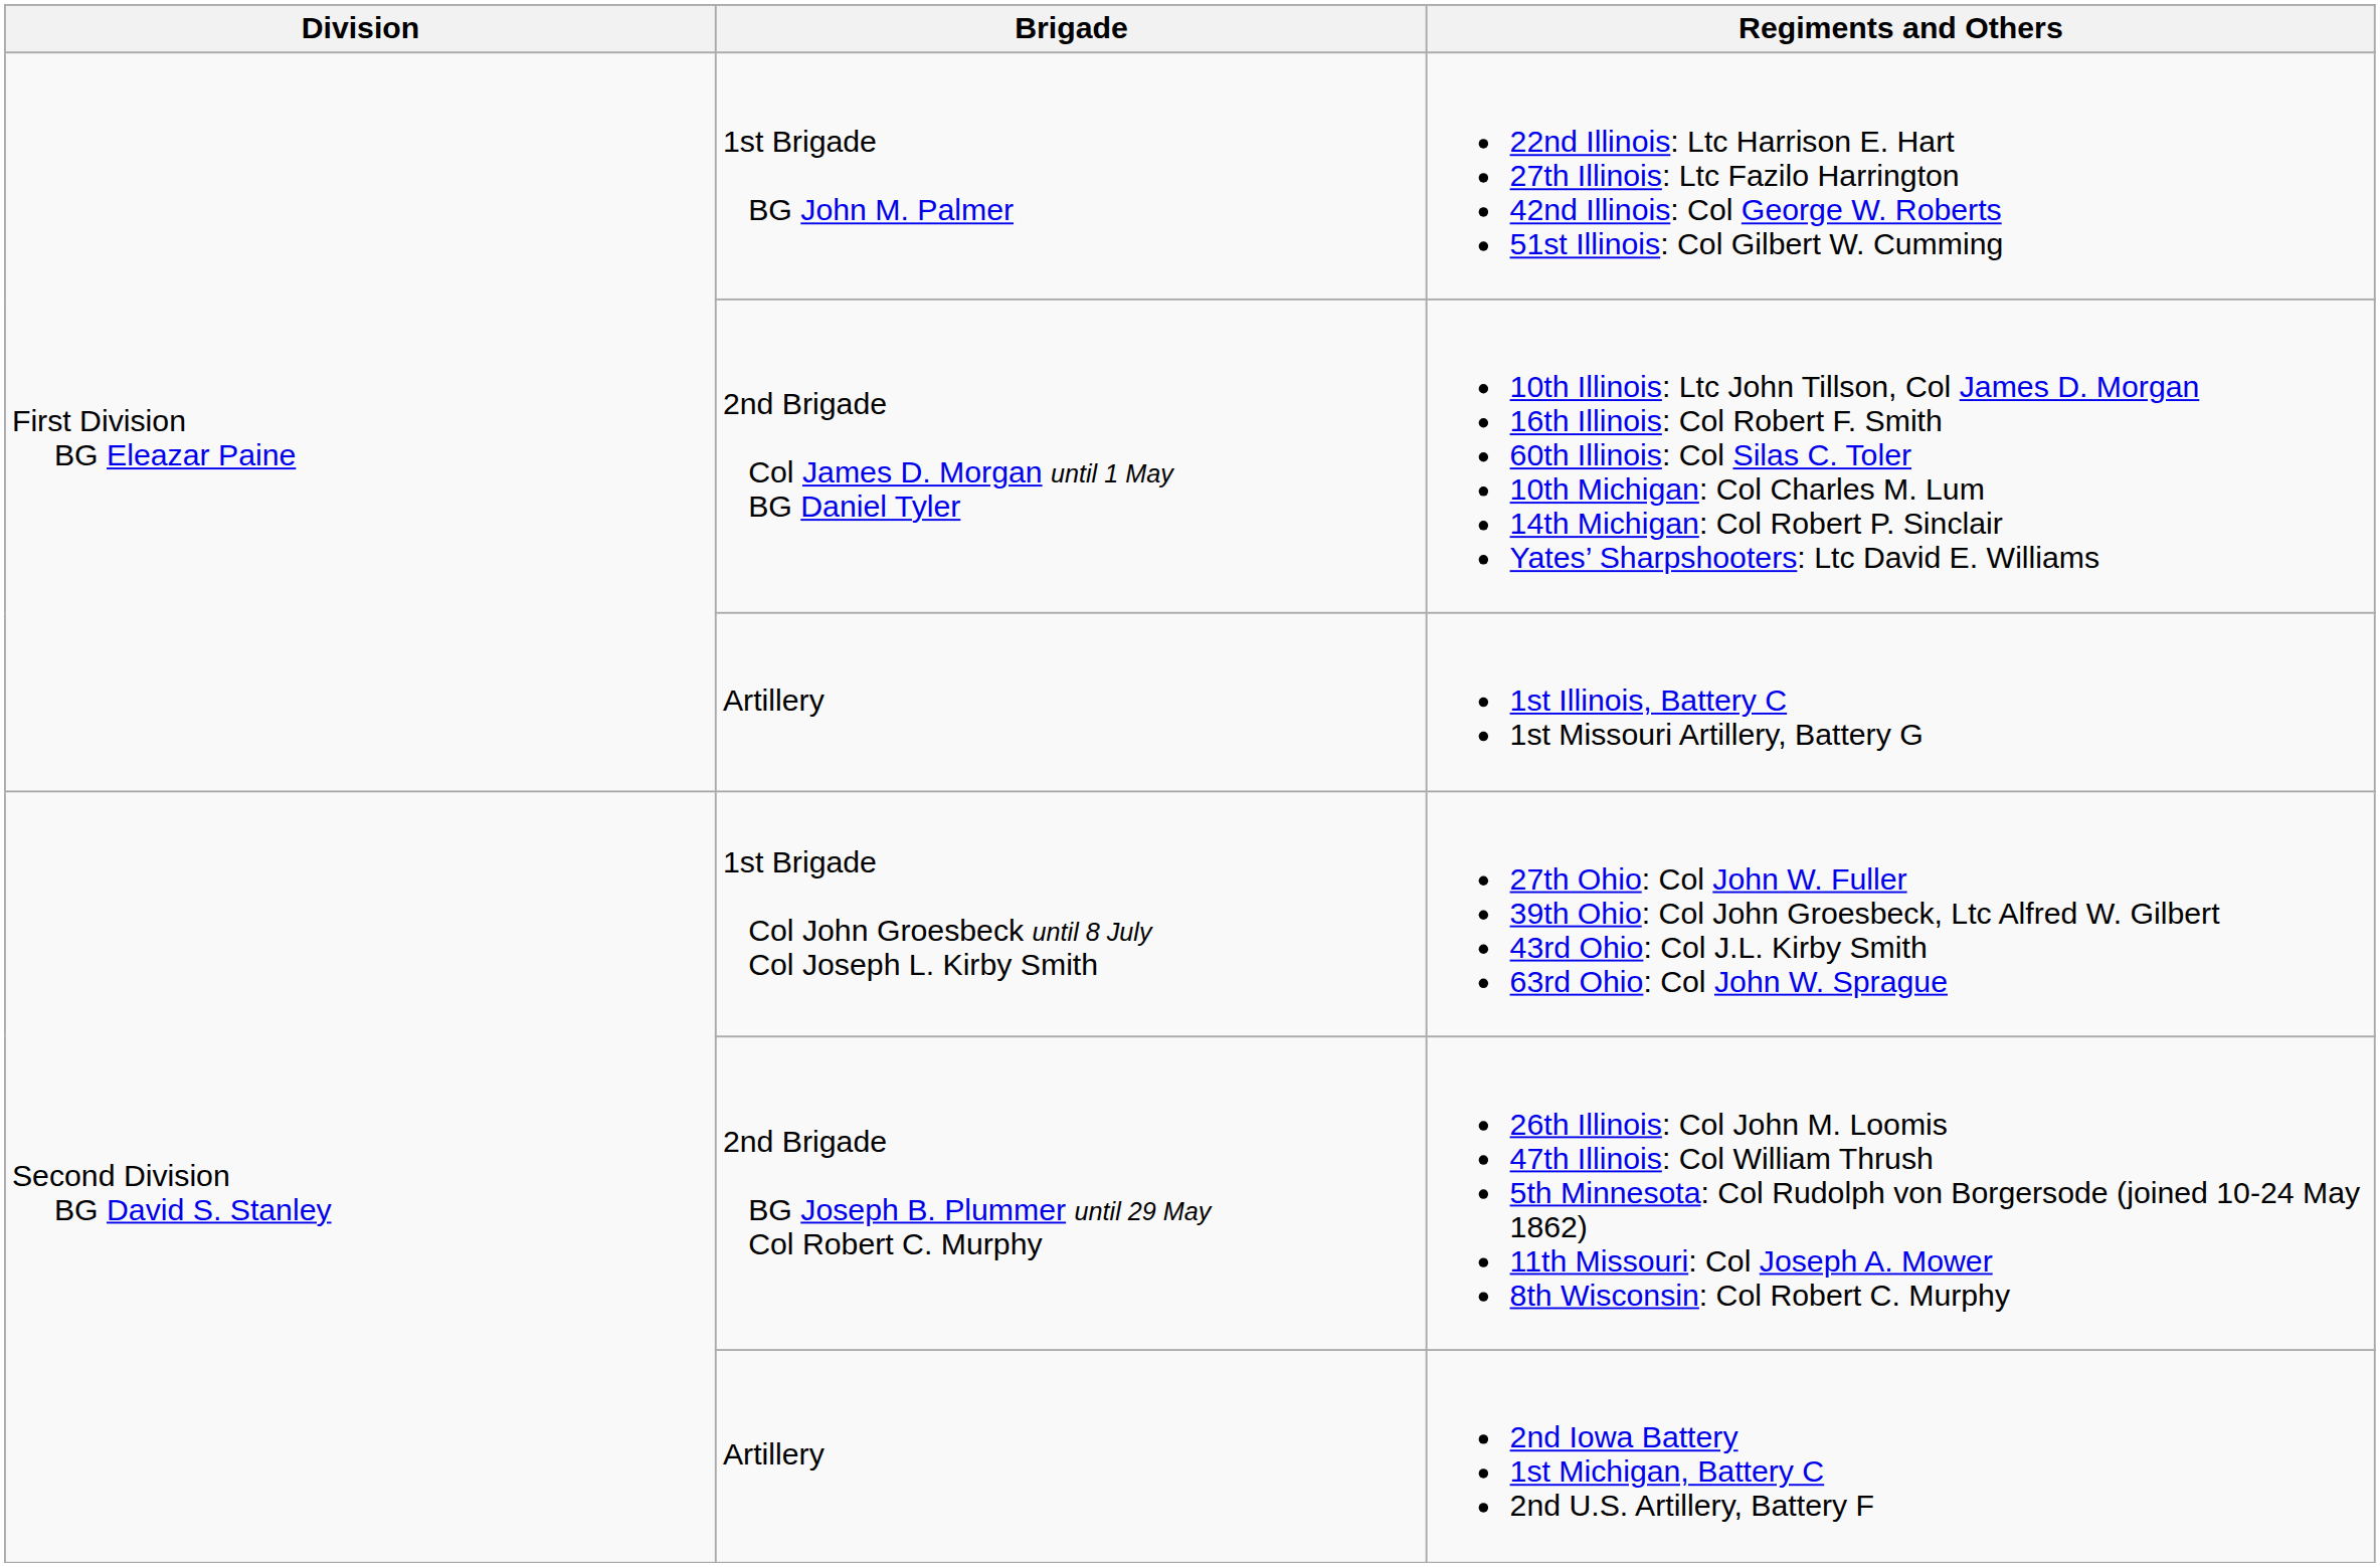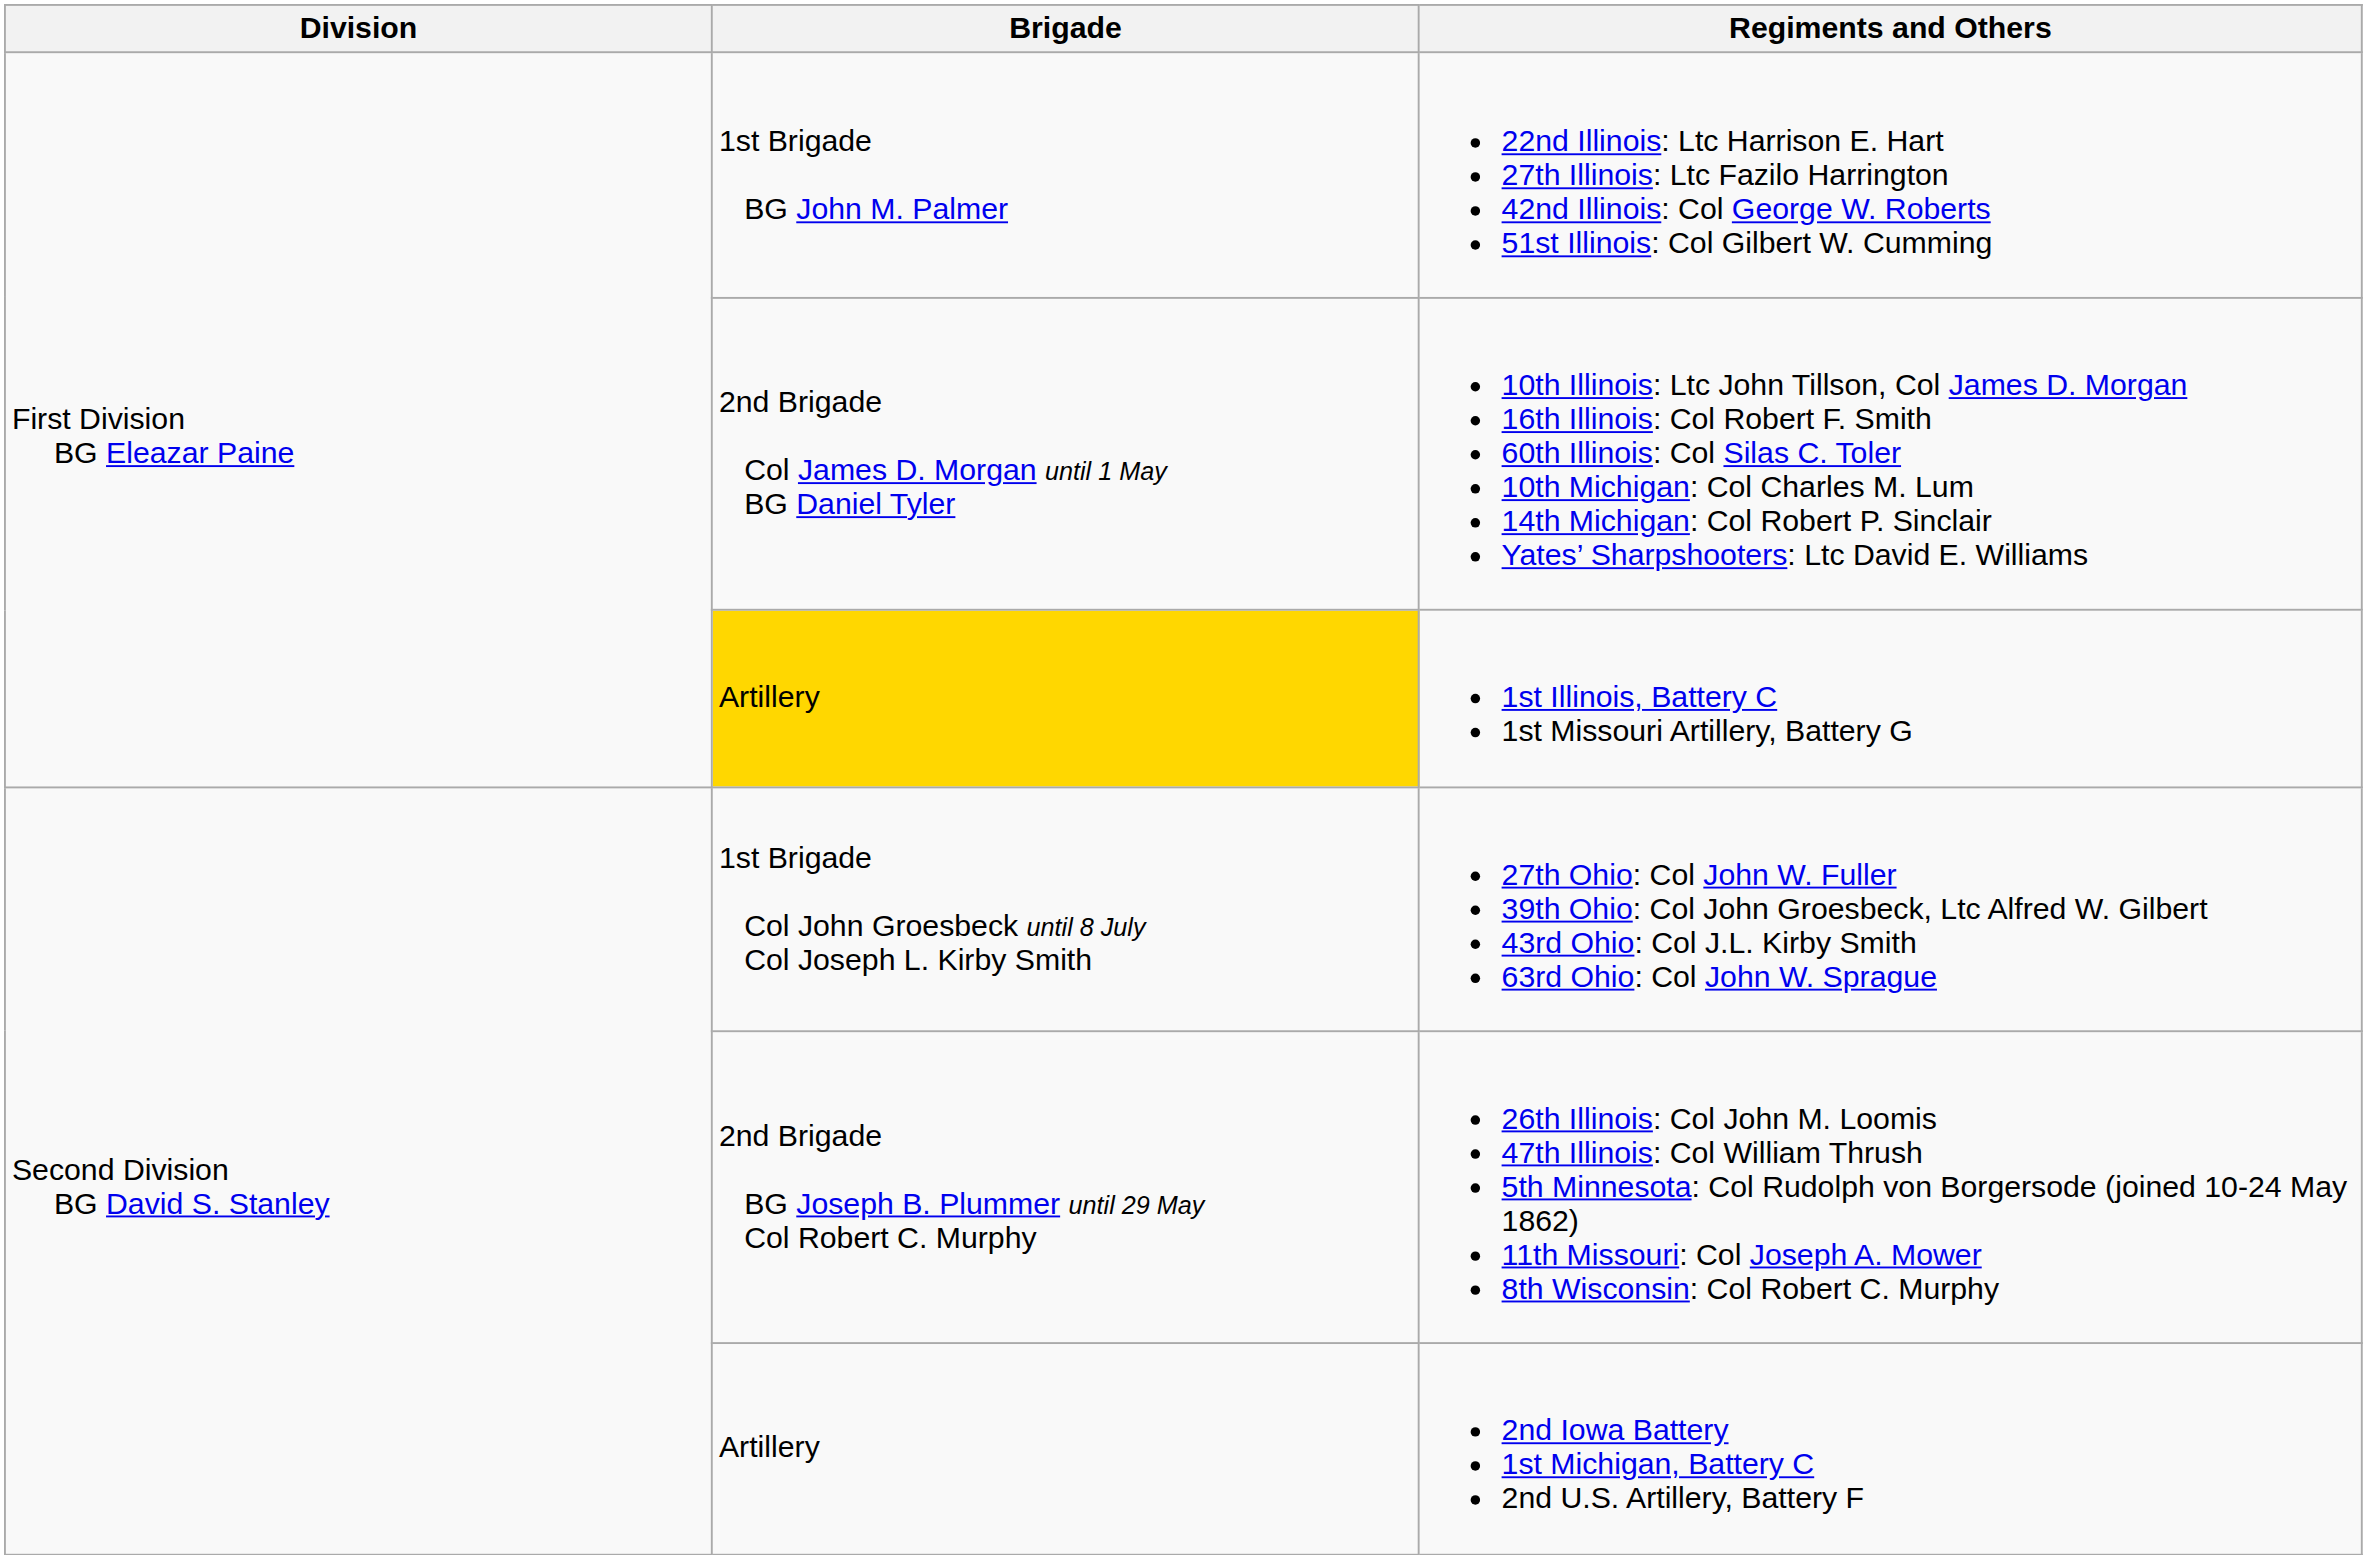 <table class="wikitable">
 <tr>
 <th width=30%>Division</th>
 <th width=30%>Brigade</th>
 <th>Regiments and Others</th>
 </tr>
 <tr>
 <td rowspan=3><br>First Division <br>     BG <a href='#'>Eleazar Paine</a></td>
 <td>1st Brigade<br><br>   BG <a href='#'>John M. Palmer</a></td>
 <td><br><ul><li><a href='#'>22nd Illinois</a>: Ltc Harrison E. Hart</li><li><a href='#'>27th Illinois</a>: Ltc Fazilo Harrington</li><li><a href='#'>42nd Illinois</a>: Col <a href='#'>George W. Roberts</a></li><li><a href='#'>51st Illinois</a>: Col Gilbert W. Cumming</li></ul></td>
 </tr>
 <tr>
 <td>2nd Brigade<br><br>   Col <a href='#'>James D. Morgan</a> <small><em>until 1 May</em></small> <br>   BG <a href='#'>Daniel Tyler</a></td>
 <td><br><ul><li><a href='#'>10th Illinois</a>: Ltc John Tillson, Col <a href='#'>James D. Morgan</a></li><li><a href='#'>16th Illinois</a>: Col Robert F. Smith</li><li><a href='#'>60th Illinois</a>: Col <a href='#'>Silas C. Toler</a></li><li><a href='#'>10th Michigan</a>: Col Charles M. Lum</li><li><a href='#'>14th Michigan</a>: Col Robert P. Sinclair</li><li><a href='#'>Yates’ Sharpshooters</a>: Ltc David E. Williams</li></ul></td>
 </tr>
 <tr>
-<td>Artillery</td>
+<td style="background: gold;">Artillery</td>
 <td><br><ul><li><a href='#'>1st Illinois, Battery C</a></li><li>1st Missouri Artillery, Battery G</li></ul></td>
 </tr>
 <tr>
 <td rowspan= 3><br>Second Division <br>     BG <a href='#'>David S. Stanley</a></td>
 <td>1st Brigade<br><br>   Col John Groesbeck <small><em>until 8 July</em></small><br>   Col Joseph L. Kirby Smith</td>
 <td><br><ul><li><a href='#'>27th Ohio</a>: Col <a href='#'>John W. Fuller</a></li><li><a href='#'>39th Ohio</a>: Col John Groesbeck, Ltc Alfred W. Gilbert</li><li><a href='#'>43rd Ohio</a>: Col J.L. Kirby Smith</li><li><a href='#'>63rd Ohio</a>: Col <a href='#'>John W. Sprague</a></li></ul></td>
 </tr>
 <tr>
 <td>2nd Brigade<br><br>   BG <a href='#'>Joseph B. Plummer</a> <small><em>until 29 May</em></small><br>   Col Robert C. Murphy</td>
 <td><br><ul><li><a href='#'>26th Illinois</a>: Col John M. Loomis</li><li><a href='#'>47th Illinois</a>: Col William Thrush</li><li><a href='#'>5th Minnesota</a>: Col Rudolph von Borgersode (joined 10-24 May 1862)</li><li><a href='#'>11th Missouri</a>: Col <a href='#'>Joseph A. Mower</a></li><li><a href='#'>8th Wisconsin</a>: Col Robert C. Murphy</li></ul></td>
 </tr>
 <tr>
 <td>Artillery</td>
 <td><br><ul><li><a href='#'>2nd Iowa Battery</a></li><li><a href='#'>1st Michigan, Battery C</a></li><li>2nd U.S. Artillery, Battery F</li></ul></td>
 </tr>
 </table>
